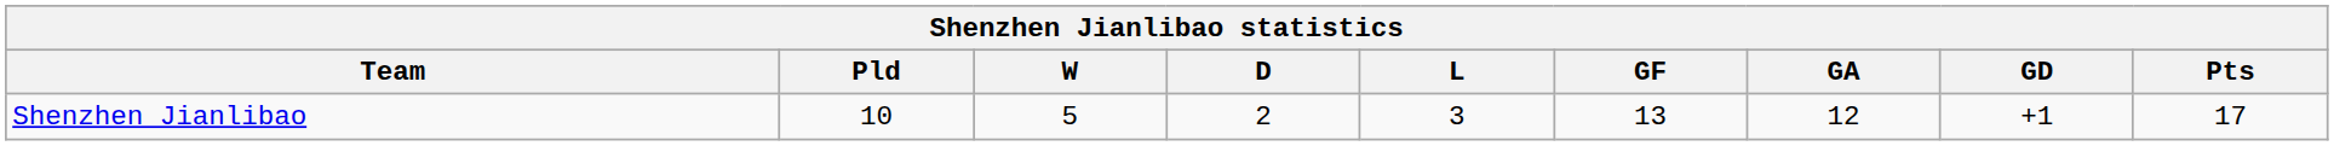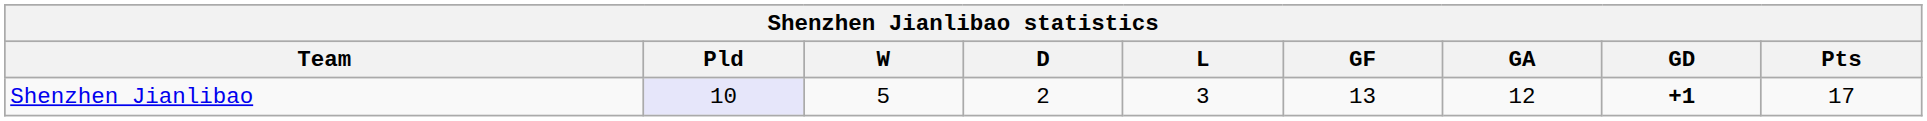 <table width=70% class="wikitable" style="text-align:">
 <tr>
 <th colspan=9>Shenzhen Jianlibao statistics</th>
 </tr>
 <tr>
 <th width=20%>Team</th>
 <th width=5%>Pld</th>
 <th width=5%>W</th>
 <th width=5%>D</th>
 <th width=5%>L</th>
 <th width=5%>GF</th>
 <th width=5%>GA</th>
 <th width=5%>GD</th>
 <th width=5%>Pts</th>
 </tr>
 <tr align=center>
 <td align=left> <a href='#'>Shenzhen Jianlibao</a></td>
-<td>10</td>
+<td style="background: lavender;">10</td>
 <td>5</td>
 <td>2</td>
 <td>3</td>
 <td>13</td>
 <td>12</td>
-<td>+1</td>
+<td><strong>+1</strong></td>
 <td>17</td>
 </tr>
 </table>
